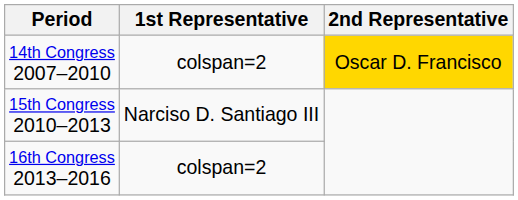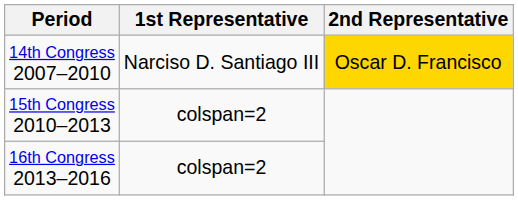 <table class="wikitable"; style="text-align:center">
 <tr>
 <th>Period</th>
 <th>1st Representative</th>
 <th>2nd Representative</th>
 </tr>
 <tr>
 <td><small><a href='#'>14th Congress</a></small><br>2007–2010</td>
-<td>colspan=2</td>
+<td>Narciso D. Santiago III</td>
 <td style="background: gold;">Oscar D. Francisco</td>
 </tr>
 <tr>
 <td><small><a href='#'>15th Congress</a></small><br>2010–2013</td>
-<td>Narciso D. Santiago III</td>
+<td>colspan=2</td>
 </tr>
 <tr>
 <td><small><a href='#'>16th Congress</a></small><br>2013–2016</td>
 <td>colspan=2</td>
 </tr>
 </table>
